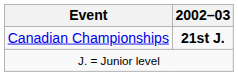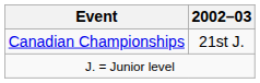 <table class="wikitable" style="text-align:center">
 <tr>
 <th>Event</th>
 <th>2002–03</th>
 </tr>
 <tr>
 <td align=left><a href='#'>Canadian Championships</a></td>
-<td><strong>21st J.</strong></td>
+<td>21st J.</td>
 </tr>
 <tr>
 <td colspan=2 align=center><small> J. = Junior level </small></td>
 </tr>
 </table>
